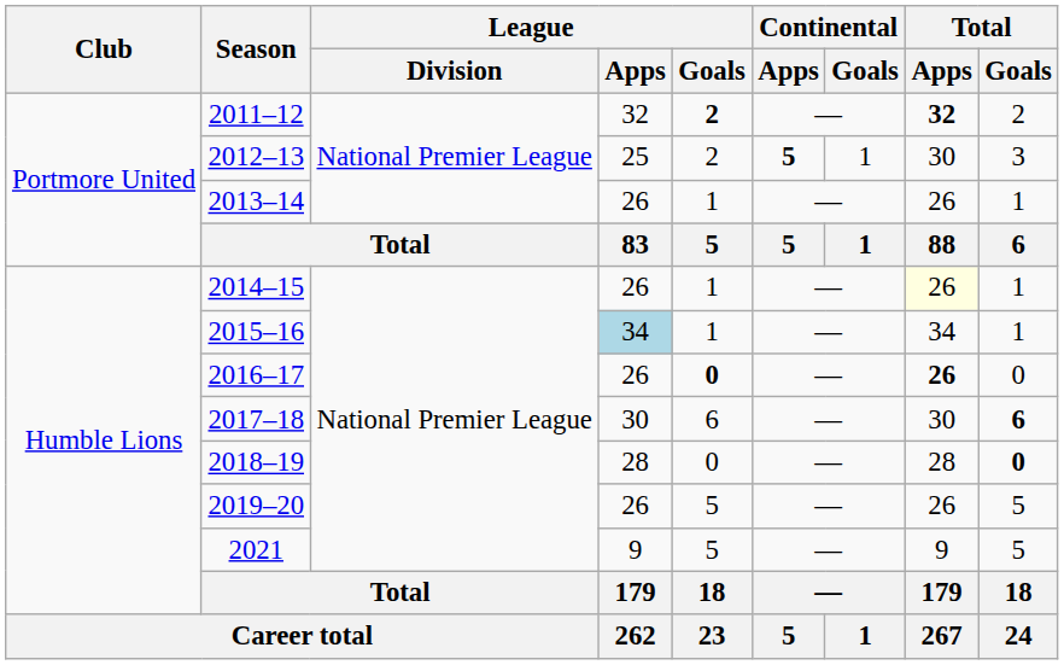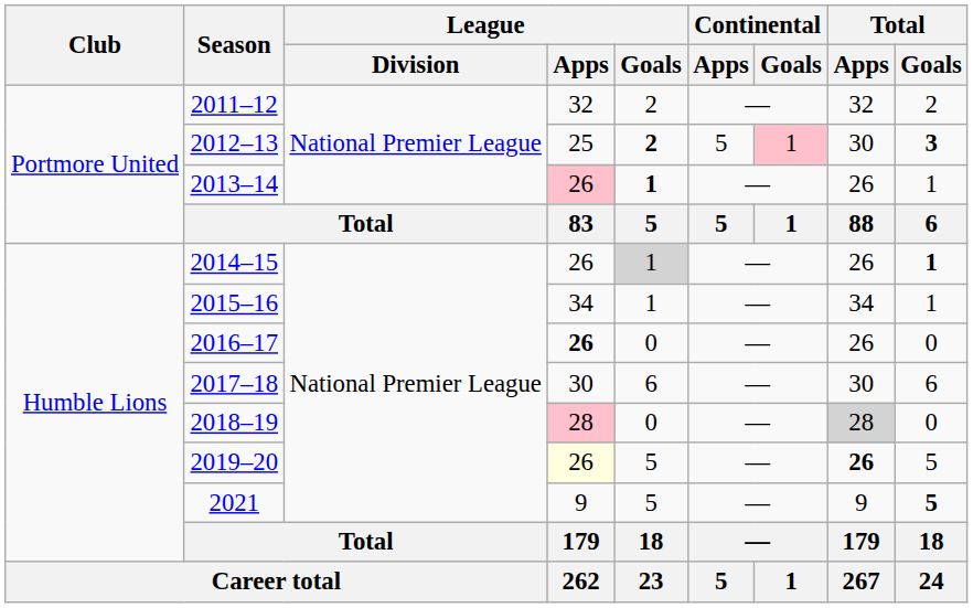 <table class="wikitable" style="text-align: center">
 <tr>
 <th rowspan="2">Club</th>
 <th rowspan="2">Season</th>
 <th colspan="3">League</th>
 <th colspan="2">Continental</th>
 <th colspan="2">Total</th>
 </tr>
 <tr>
 <th>Division</th>
 <th>Apps</th>
 <th>Goals</th>
 <th>Apps</th>
 <th>Goals</th>
 <th>Apps</th>
 <th>Goals</th>
 </tr>
 <tr>
 <td rowspan="4"><a href='#'>Portmore United</a></td>
 <td><a href='#'>2011–12</a></td>
 <td rowspan="3"><a href='#'>National Premier League</a></td>
 <td>32</td>
-<td><strong>2</strong></td>
+<td>2</td>
 <td colspan="2">—</td>
-<td><strong>32</strong></td>
+<td>32</td>
 <td>2</td>
 </tr>
 <tr>
 <td><a href='#'>2012–13</a></td>
 <td>25</td>
-<td>2</td>
-<td><strong>5</strong></td>
-<td>1</td>
+<td><strong>2</strong></td>
+<td>5</td>
+<td style="background: pink;">1</td>
 <td>30</td>
-<td>3</td>
+<td><strong>3</strong></td>
 </tr>
 <tr>
 <td><a href='#'>2013–14</a></td>
-<td>26</td>
-<td>1</td>
+<td style="background: pink;">26</td>
+<td><strong>1</strong></td>
 <td colspan="2">—</td>
 <td>26</td>
 <td>1</td>
 </tr>
 <tr>
 <th colspan="2">Total</th>
 <th>83</th>
 <th>5</th>
 <th>5</th>
 <th>1</th>
 <th>88</th>
 <th>6</th>
 </tr>
 <tr>
 <td rowspan="8"><a href='#'>Humble Lions</a></td>
 <td><a href='#'>2014–15</a></td>
 <td rowspan="7">National Premier League</td>
 <td>26</td>
-<td>1</td>
+<td style="background: lightgrey;">1</td>
 <td colspan="2">—</td>
-<td style="background: lightyellow;">26</td>
-<td>1</td>
+<td>26</td>
+<td><strong>1</strong></td>
 </tr>
 <tr>
 <td><a href='#'>2015–16</a></td>
-<td style="background: lightblue;">34</td>
+<td>34</td>
 <td>1</td>
 <td colspan="2">—</td>
 <td>34</td>
 <td>1</td>
 </tr>
 <tr>
 <td><a href='#'>2016–17</a></td>
+<td><strong>26</strong></td>
+<td>0</td>
+<td colspan="2">—</td>
 <td>26</td>
-<td><strong>0</strong></td>
-<td colspan="2">—</td>
-<td><strong>26</strong></td>
 <td>0</td>
 </tr>
 <tr>
 <td><a href='#'>2017–18</a></td>
 <td>30</td>
 <td>6</td>
 <td colspan="2">—</td>
 <td>30</td>
-<td><strong>6</strong></td>
+<td>6</td>
 </tr>
 <tr>
 <td><a href='#'>2018–19</a></td>
-<td>28</td>
+<td style="background: pink;">28</td>
 <td>0</td>
 <td colspan="2">—</td>
-<td>28</td>
-<td><strong>0</strong></td>
+<td style="background: lightgrey;">28</td>
+<td>0</td>
 </tr>
 <tr>
 <td><a href='#'>2019–20</a></td>
-<td>26</td>
+<td style="background: lightyellow;">26</td>
 <td>5</td>
 <td colspan="2">—</td>
-<td>26</td>
+<td><strong>26</strong></td>
 <td>5</td>
 </tr>
 <tr>
 <td><a href='#'>2021</a></td>
 <td>9</td>
 <td>5</td>
 <td colspan="2">—</td>
 <td>9</td>
-<td>5</td>
+<td><strong>5</strong></td>
 </tr>
 <tr>
 <th colspan="2">Total</th>
 <th>179</th>
 <th>18</th>
 <th colspan="2">—</th>
 <th>179</th>
 <th>18</th>
 </tr>
 <tr>
 <th colspan="3">Career total</th>
 <th>262</th>
 <th>23</th>
 <th>5</th>
 <th>1</th>
 <th>267</th>
 <th>24</th>
 </tr>
 </table>
